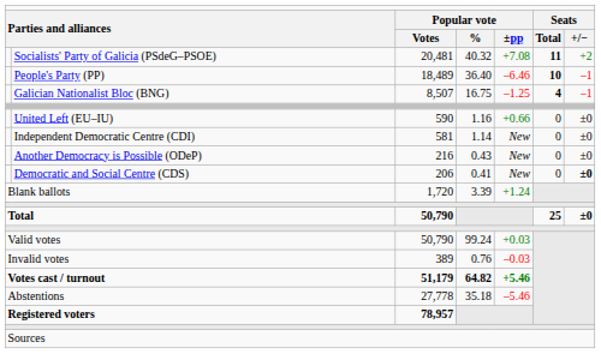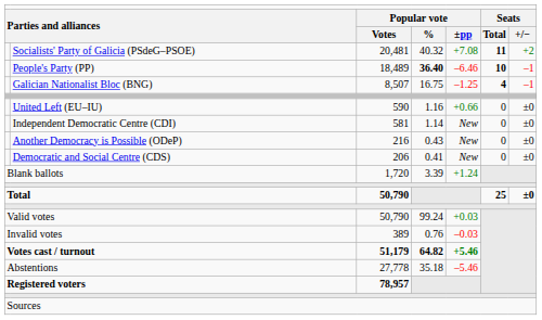 <table class="wikitable" style="text-align:right;">
 <tr>
 <td colspan="7"></td>
 </tr>
 <tr>
 <th style="text-align:left;" rowspan="2" colspan="2" width="525">Parties and alliances</th>
 <th colspan="3">Popular vote</th>
 <th colspan="2">Seats</th>
 </tr>
 <tr>
 <th width="75">Votes</th>
 <th width="45">%</th>
 <th width="45">±<a href='#'>pp</a></th>
 <th width="35">Total</th>
 <th width="35">+/−</th>
 </tr>
 <tr>
 <td width="1" style="color:inherit;background:"></td>
 <td align="left"><a href='#'>Socialists' Party of Galicia</a> (PSdeG–PSOE)</td>
 <td>20,481</td>
 <td>40.32</td>
 <td style="color:green;">+7.08</td>
 <td><strong>11</strong></td>
 <td style="color:green;">+2</td>
 </tr>
 <tr>
 <td style="color:inherit;background:"></td>
 <td align="left"><a href='#'>People's Party</a> (PP)</td>
 <td>18,489</td>
-<td>36.40</td>
+<td><strong>36.40</strong></td>
 <td style="color:red;">–6.46</td>
 <td><strong>10</strong></td>
 <td style="color:red;">–1</td>
 </tr>
 <tr>
 <td style="color:inherit;background:"></td>
 <td align="left"><a href='#'>Galician Nationalist Bloc</a> (BNG)</td>
 <td>8,507</td>
 <td>16.75</td>
 <td style="color:red;">–1.25</td>
 <td><strong>4</strong></td>
 <td style="color:red;">–1</td>
 </tr>
 <tr>
 <td colspan="7" bgcolor="#C0C0C0"></td>
 </tr>
 <tr>
 <td style="color:inherit;background:"></td>
 <td align="left"><a href='#'>United Left</a> (EU–IU)</td>
 <td>590</td>
 <td>1.16</td>
 <td style="color:green;">+0.66</td>
 <td>0</td>
 <td>±0</td>
 </tr>
 <tr>
 <td style="color:inherit;background:"></td>
 <td align="left">Independent Democratic Centre (CDI)</td>
 <td>581</td>
 <td>1.14</td>
 <td><em>New</em></td>
 <td>0</td>
 <td>±0</td>
 </tr>
 <tr>
 <td style="color:inherit;background:"></td>
 <td align="left"><a href='#'>Another Democracy is Possible</a> (ODeP)</td>
 <td>216</td>
 <td>0.43</td>
 <td><em>New</em></td>
 <td>0</td>
 <td>±0</td>
 </tr>
 <tr>
 <td style="color:inherit;background:"></td>
 <td align="left"><a href='#'>Democratic and Social Centre</a> (CDS)</td>
 <td>206</td>
 <td>0.41</td>
 <td><em>New</em></td>
 <td>0</td>
-<td><strong>±0</strong></td>
+<td>±0</td>
 </tr>
 <tr>
 <td align="left" colspan="2">Blank ballots</td>
 <td>1,720</td>
 <td>3.39</td>
 <td style="color:green;">+1.24</td>
 <td bgcolor="#E9E9E9" colspan="2"></td>
 </tr>
 <tr>
 <td colspan="7" bgcolor="#E9E9E9"></td>
 </tr>
 <tr style="font-weight:bold;">
 <td align="left" colspan="2">Total</td>
 <td>50,790</td>
 <td bgcolor="#E9E9E9" colspan="2"></td>
 <td>25</td>
 <td>±0</td>
 </tr>
 <tr>
 <td colspan="7" bgcolor="#E9E9E9"></td>
 </tr>
 <tr>
 <td align="left" colspan="2">Valid votes</td>
 <td>50,790</td>
 <td>99.24</td>
 <td style="color:green;">+0.03</td>
 <td bgcolor="#E9E9E9" colspan="2" rowspan="5"></td>
 </tr>
 <tr>
 <td align="left" colspan="2">Invalid votes</td>
 <td>389</td>
 <td>0.76</td>
 <td style="color:red;">–0.03</td>
 </tr>
 <tr style="font-weight:bold;">
 <td align="left" colspan="2">Votes cast / turnout</td>
 <td>51,179</td>
 <td>64.82</td>
 <td style="color:green;">+5.46</td>
 </tr>
 <tr>
 <td align="left" colspan="2">Abstentions</td>
 <td>27,778</td>
 <td>35.18</td>
 <td style="color:red;">–5.46</td>
 </tr>
 <tr style="font-weight:bold;">
 <td align="left" colspan="2">Registered voters</td>
 <td>78,957</td>
 <td bgcolor="#E9E9E9" colspan="2"></td>
 </tr>
 <tr>
 <td colspan="7" bgcolor="#E9E9E9"></td>
 </tr>
 <tr>
 <td align="left" colspan="7">Sources</td>
 </tr>
 </table>
